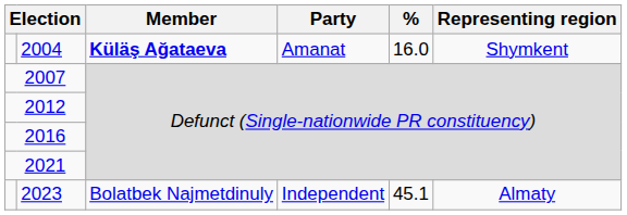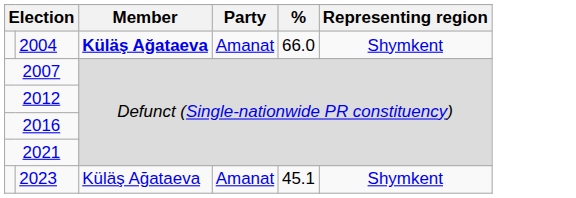 <table class="wikitable">
 <tr>
 <th colspan="2">Election</th>
 <th>Member</th>
 <th>Party</th>
 <th>%</th>
 <th>Representing region</th>
 </tr>
 <tr>
 <td style="background-color: "></td>
 <td><a href='#'>2004</a></td>
 <td><strong><a href='#'>Küläş Ağataeva</a></strong></td>
 <td><a href='#'>Amanat</a></td>
-<td align="right">16.0</td>
+<td align="right">66.0</td>
 <td align="center"><a href='#'>Shymkent</a></td>
 </tr>
 <tr>
 <td colspan="2" align="center"><a href='#'>2007</a></td>
 <td colspan="4" rowspan="4" align="center" style="background-color:#DCDCDC"><em>Defunct (<a href='#'>Single-nationwide PR constituency</a>)</em></td>
 </tr>
 <tr>
 <td colspan="2" align="center"><a href='#'>2012</a></td>
 </tr>
 <tr>
 <td colspan="2" align="center"><a href='#'>2016</a></td>
 </tr>
 <tr>
 <td colspan="2" align="center"><a href='#'>2021</a></td>
 </tr>
 <tr>
 <td style="background-color: "></td>
 <td><a href='#'>2023</a></td>
-<td><a href='#'>Bolatbek Najmetdinuly</a></td>
-<td><a href='#'>Independent</a></td>
+<td><a href='#'>Küläş Ağataeva</a></td>
+<td><a href='#'>Amanat</a></td>
 <td align="right">45.1</td>
-<td align="center"><a href='#'>Almaty</a></td>
+<td align="center"><a href='#'>Shymkent</a></td>
 </tr>
 </table>
